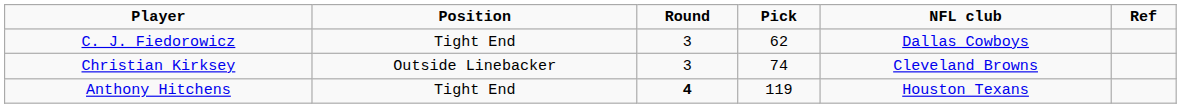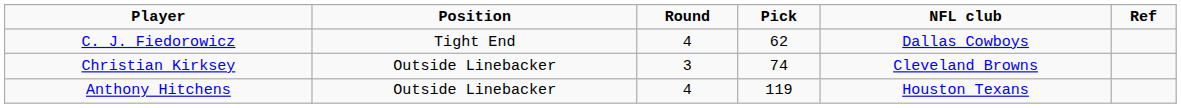 <table class="wikitable" width="80%">
 <tr align="center">
 <td><strong>Player</strong></td>
 <td><strong>Position</strong></td>
 <td><strong>Round</strong></td>
 <td><strong>Pick</strong></td>
 <td><strong>NFL club</strong></td>
 <td><strong>Ref</strong></td>
 </tr>
 <tr align="center" bgcolor="">
 <td><a href='#'>C. J. Fiedorowicz</a></td>
 <td>Tight End</td>
-<td>3</td>
+<td>4</td>
 <td>62</td>
 <td><a href='#'>Dallas Cowboys</a></td>
 <td></td>
 </tr>
 <tr align="center" bgcolor="">
 <td><a href='#'>Christian Kirksey</a></td>
 <td>Outside Linebacker</td>
 <td>3</td>
 <td>74</td>
 <td><a href='#'>Cleveland Browns</a></td>
 <td></td>
 </tr>
 <tr align="center" bgcolor="">
 <td><a href='#'>Anthony Hitchens</a></td>
-<td>Tight End</td>
-<td><strong>4</strong></td>
+<td>Outside Linebacker</td>
+<td>4</td>
 <td>119</td>
 <td><a href='#'>Houston Texans</a></td>
 <td></td>
 </tr>
 </table>
